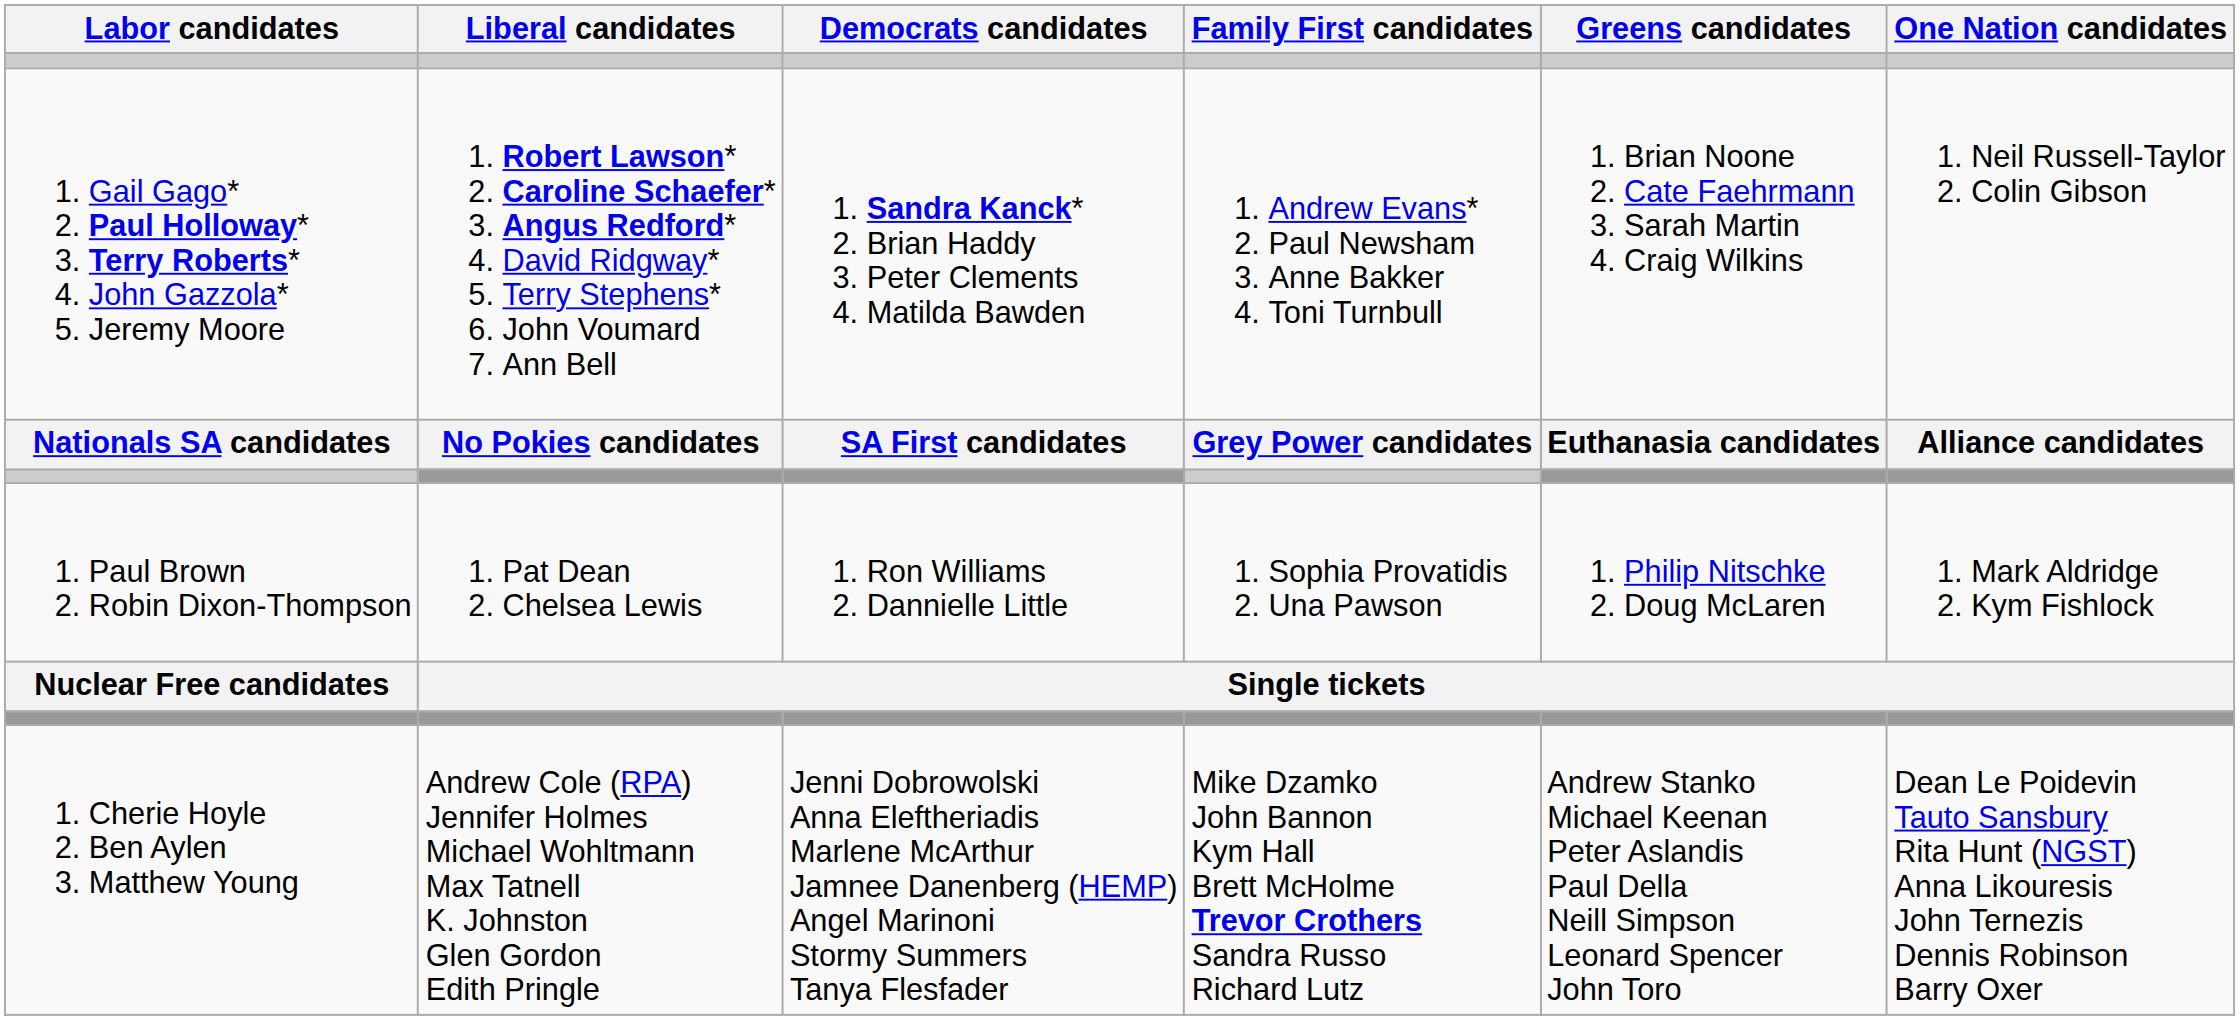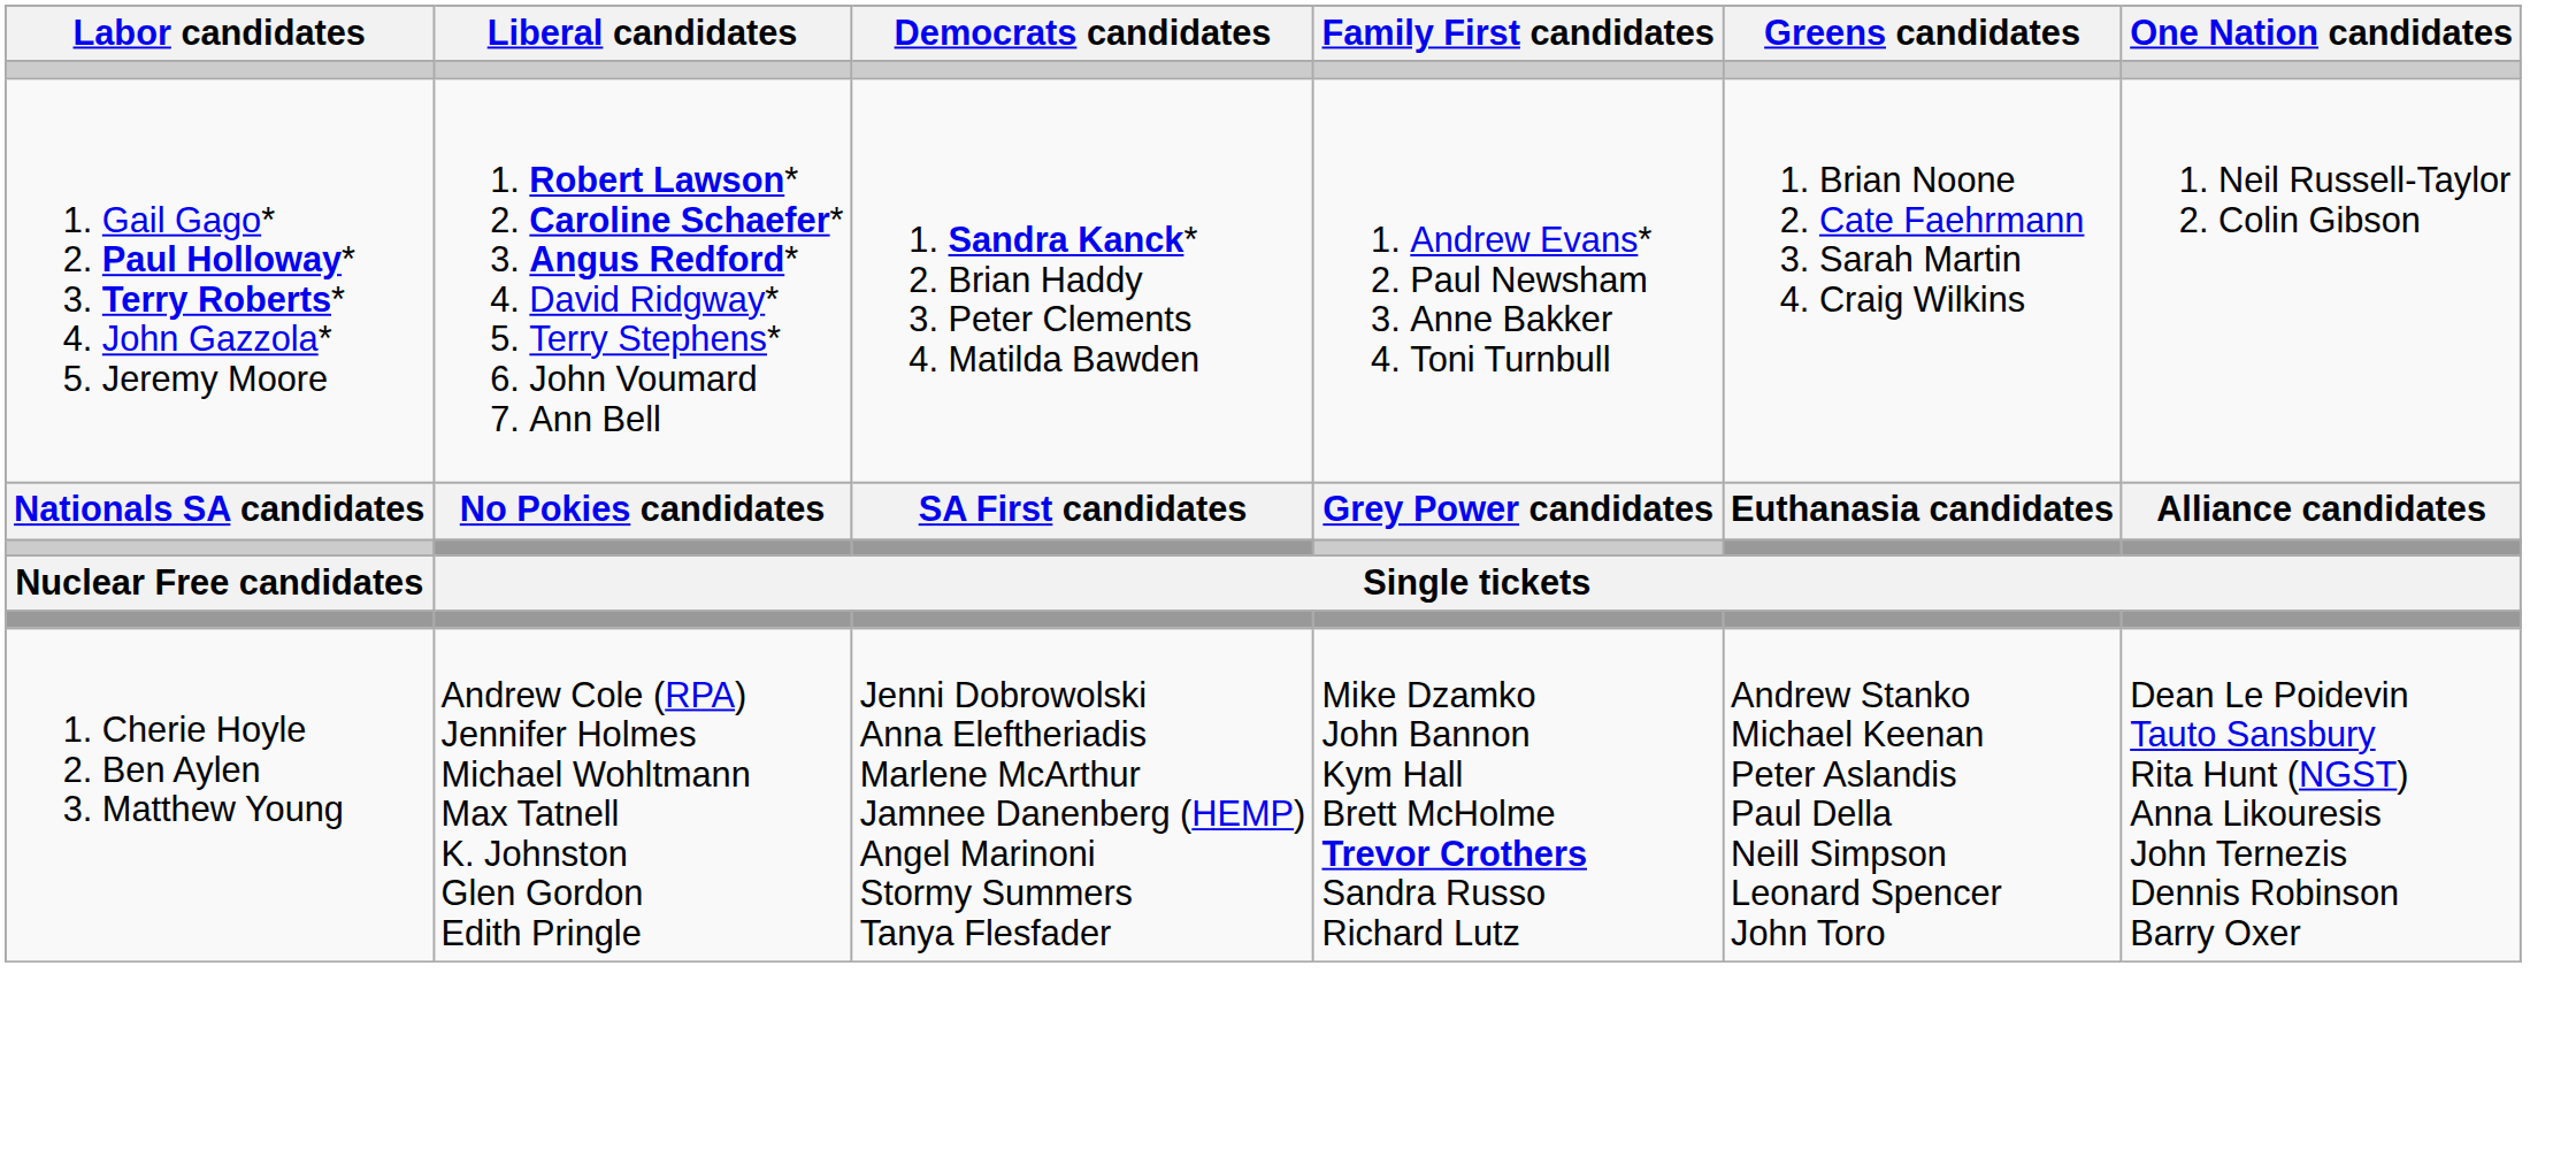 <table class="wikitable">
 <tr>
 <th><a href='#'>Labor</a> candidates</th>
 <th><a href='#'>Liberal</a> candidates</th>
 <th><a href='#'>Democrats</a> candidates</th>
 <th><a href='#'>Family First</a> candidates</th>
 <th><a href='#'>Greens</a> candidates</th>
 <th><a href='#'>One Nation</a> candidates</th>
 </tr>
 <tr bgcolor="#cccccc">
 <td></td>
 <td></td>
 <td></td>
 <td></td>
 <td></td>
 <td></td>
 </tr>
 <tr>
 <td><br><ol><li><a href='#'>Gail Gago</a>*</li><li><strong><a href='#'>Paul Holloway</a></strong>*</li><li><strong><a href='#'>Terry Roberts</a></strong>*</li><li><a href='#'>John Gazzola</a>*</li><li>Jeremy Moore</li></ol></td>
 <td><br><ol><li><strong><a href='#'>Robert Lawson</a></strong>*</li><li><strong><a href='#'>Caroline Schaefer</a></strong>*</li><li><strong><a href='#'>Angus Redford</a></strong>*</li><li><a href='#'>David Ridgway</a>*</li><li><a href='#'>Terry Stephens</a>*</li><li>John Voumard</li><li>Ann Bell</li></ol></td>
 <td><br><ol><li><strong><a href='#'>Sandra Kanck</a></strong>*</li><li>Brian Haddy</li><li>Peter Clements</li><li>Matilda Bawden</li></ol></td>
 <td><br><ol><li><a href='#'>Andrew Evans</a>*</li><li>Paul Newsham</li><li>Anne Bakker</li><li>Toni Turnbull</li></ol></td>
 <td valign=top><br><ol><li>Brian Noone</li><li><a href='#'>Cate Faehrmann</a></li><li>Sarah Martin</li><li>Craig Wilkins</li></ol></td>
 <td valign=top><br><ol><li>Neil Russell-Taylor</li><li>Colin Gibson</li></ol></td>
 </tr>
 <tr bgcolor="#cccccc">
 <th><a href='#'>Nationals SA</a> candidates</th>
 <th><a href='#'>No Pokies</a> candidates</th>
 <th><a href='#'>SA First</a> candidates</th>
 <th><a href='#'>Grey Power</a> candidates</th>
 <th>Euthanasia candidates</th>
 <th>Alliance candidates</th>
 </tr>
 <tr bgcolor="#cccccc">
 <td></td>
 <td bgcolor="#999999"></td>
 <td bgcolor="#999999"></td>
 <td></td>
 <td bgcolor="#999999"></td>
 <td bgcolor="#999999"></td>
 </tr>
-<tr>
-<td valign=top><br><ol><li>Paul Brown</li><li>Robin Dixon-Thompson</li></ol></td>
-<td valign=top><br><ol><li>Pat Dean</li><li>Chelsea Lewis</li></ol></td>
-<td valign=top><br><ol><li>Ron Williams</li><li>Dannielle Little</li></ol></td>
-<td valign=top><br><ol><li>Sophia Provatidis</li><li>Una Pawson</li></ol></td>
-<td valign=top><br><ol><li><a href='#'>Philip Nitschke</a></li><li>Doug McLaren</li></ol></td>
-<td valign=top><br><ol><li>Mark Aldridge</li><li>Kym Fishlock</li></ol></td>
-</tr>
 <tr bgcolor="#cccccc">
 <th>Nuclear Free candidates</th>
 <th colspan="5">Single tickets</th>
 </tr>
 <tr bgcolor="#cccccc">
 <td bgcolor="#999999"></td>
 <td bgcolor="#999999"></td>
 <td bgcolor="#999999"></td>
 <td bgcolor="#999999"></td>
 <td bgcolor="#999999"></td>
 <td bgcolor="#999999"></td>
 </tr>
 <tr>
 <td valign=top><br><ol><li>Cherie Hoyle</li><li>Ben Aylen</li><li>Matthew Young</li></ol></td>
 <td valign=top><br>Andrew Cole (<a href='#'>RPA</a>) <br> Jennifer Holmes <br> Michael Wohltmann <br> Max Tatnell <br> K. Johnston <br> Glen Gordon <br> Edith Pringle</td>
 <td valign=top><br>Jenni Dobrowolski <br> Anna Eleftheriadis <br> Marlene McArthur <br> Jamnee Danenberg (<a href='#'>HEMP</a>) <br> Angel Marinoni <br> Stormy Summers <br> Tanya Flesfader</td>
 <td valign=top><br>Mike Dzamko <br> John Bannon <br> Kym Hall <br> Brett McHolme <br> <strong><a href='#'>Trevor Crothers</a></strong> <br> Sandra Russo <br> Richard Lutz</td>
 <td valign=top><br>Andrew Stanko <br> Michael Keenan <br> Peter Aslandis <br> Paul Della <br> Neill Simpson <br>  Leonard Spencer <br> John Toro</td>
 <td valign=top><br>Dean Le Poidevin <br> <a href='#'>Tauto Sansbury</a> <br> Rita Hunt (<a href='#'>NGST</a>) <br> Anna Likouresis <br> John Ternezis <br> Dennis Robinson <br> Barry Oxer</td>
 </tr>
 </table>
